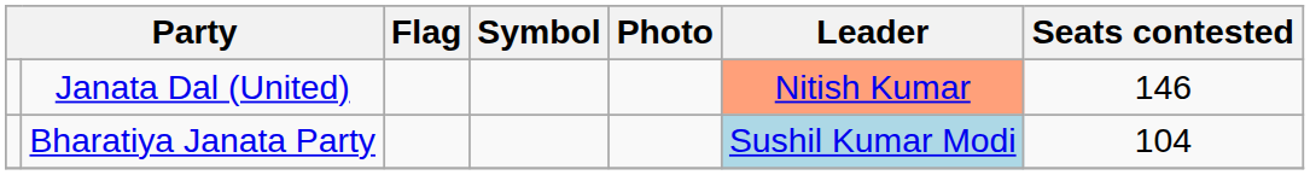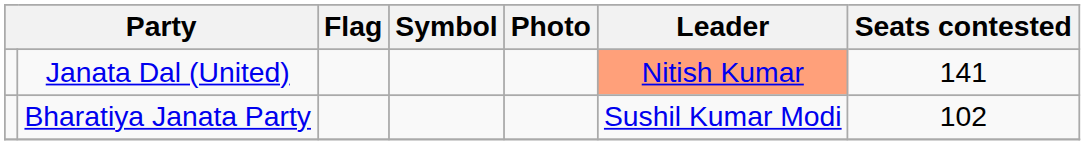 <table class="wikitable" style="text-align:center;">
 <tr>
 <th colspan="2">Party</th>
 <th>Flag</th>
 <th>Symbol</th>
 <th>Photo</th>
 <th>Leader</th>
 <th>Seats contested</th>
 </tr>
 <tr>
 <td></td>
 <td><a href='#'>Janata Dal (United)</a></td>
 <td></td>
 <td></td>
 <td></td>
 <td style="background: lightsalmon;"><a href='#'>Nitish Kumar</a></td>
-<td>146</td>
+<td>141</td>
 </tr>
 <tr>
 <td></td>
 <td><a href='#'>Bharatiya Janata Party</a></td>
 <td></td>
 <td></td>
 <td></td>
-<td style="background: lightblue;"><a href='#'>Sushil Kumar Modi</a></td>
-<td>104</td>
+<td><a href='#'>Sushil Kumar Modi</a></td>
+<td>102</td>
 </tr>
 <tr>
 </tr>
 </table>
